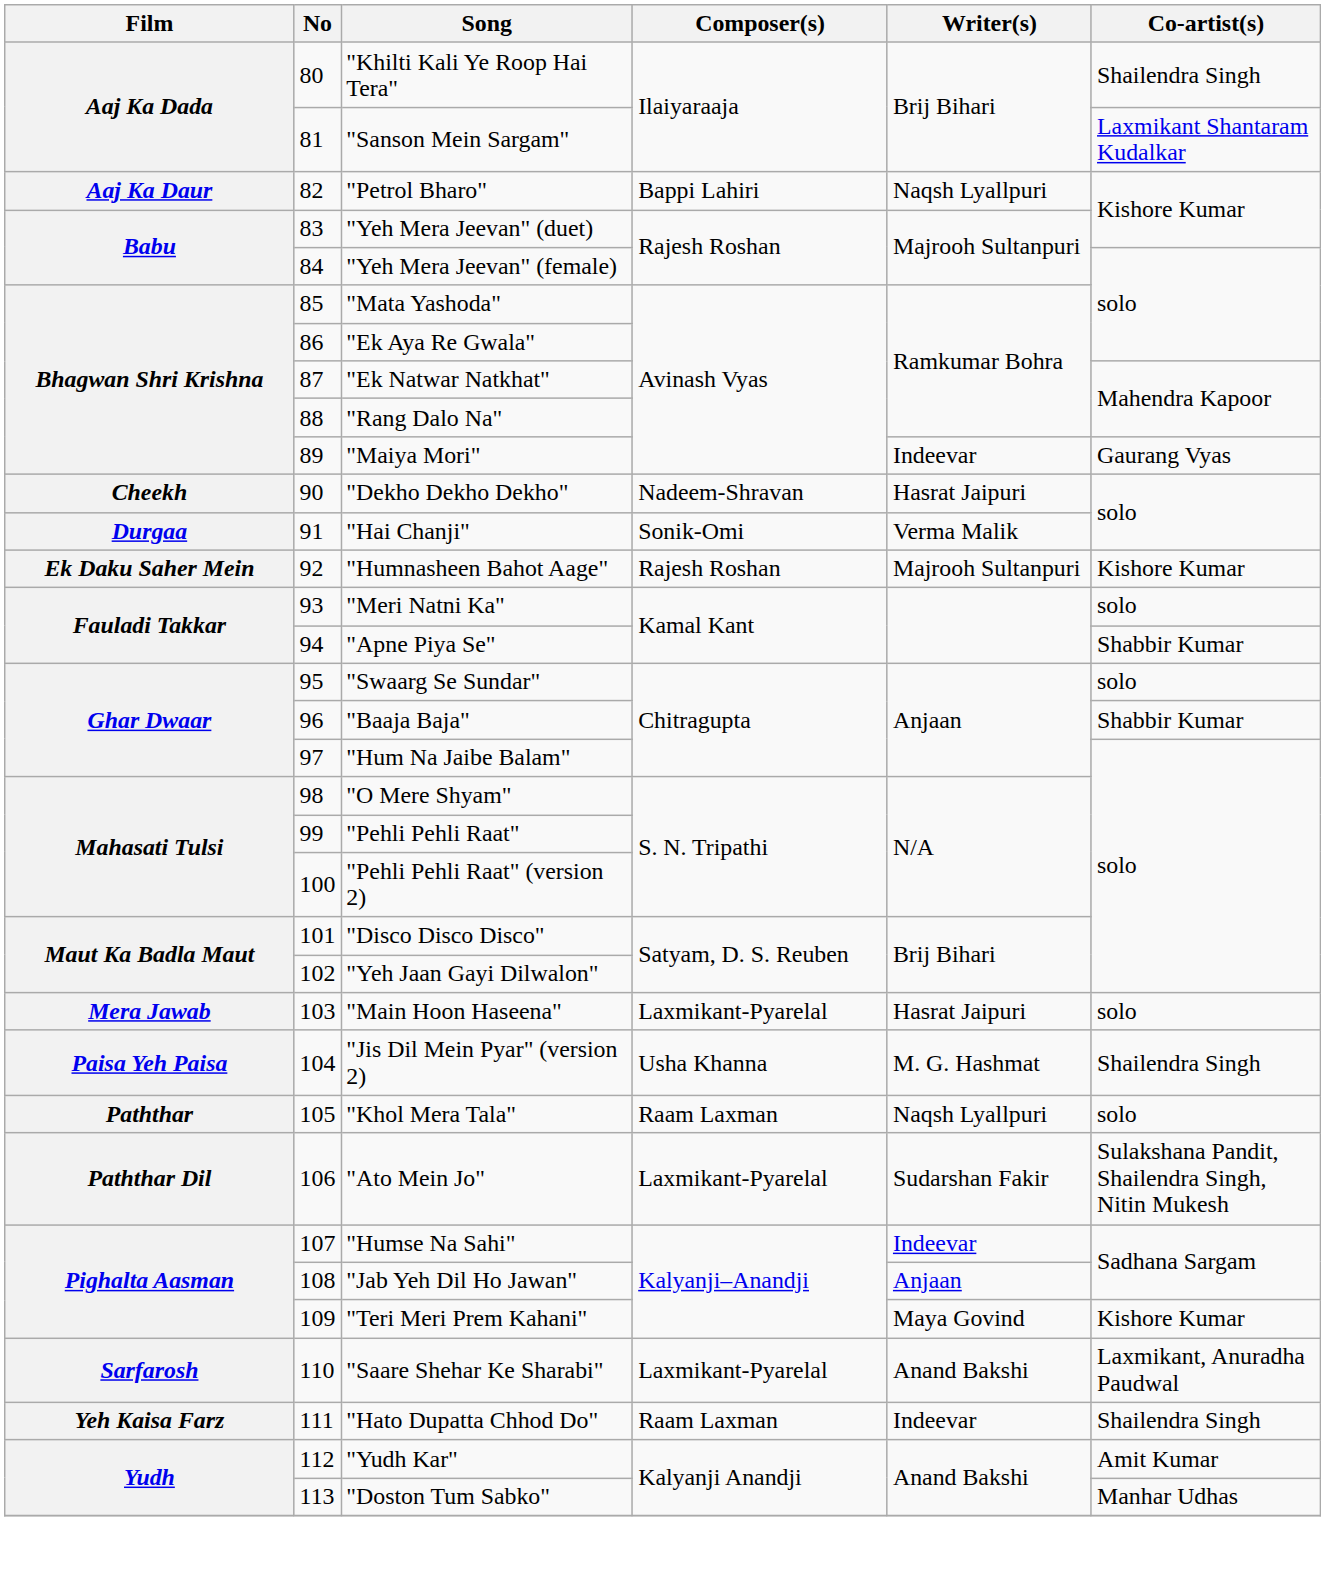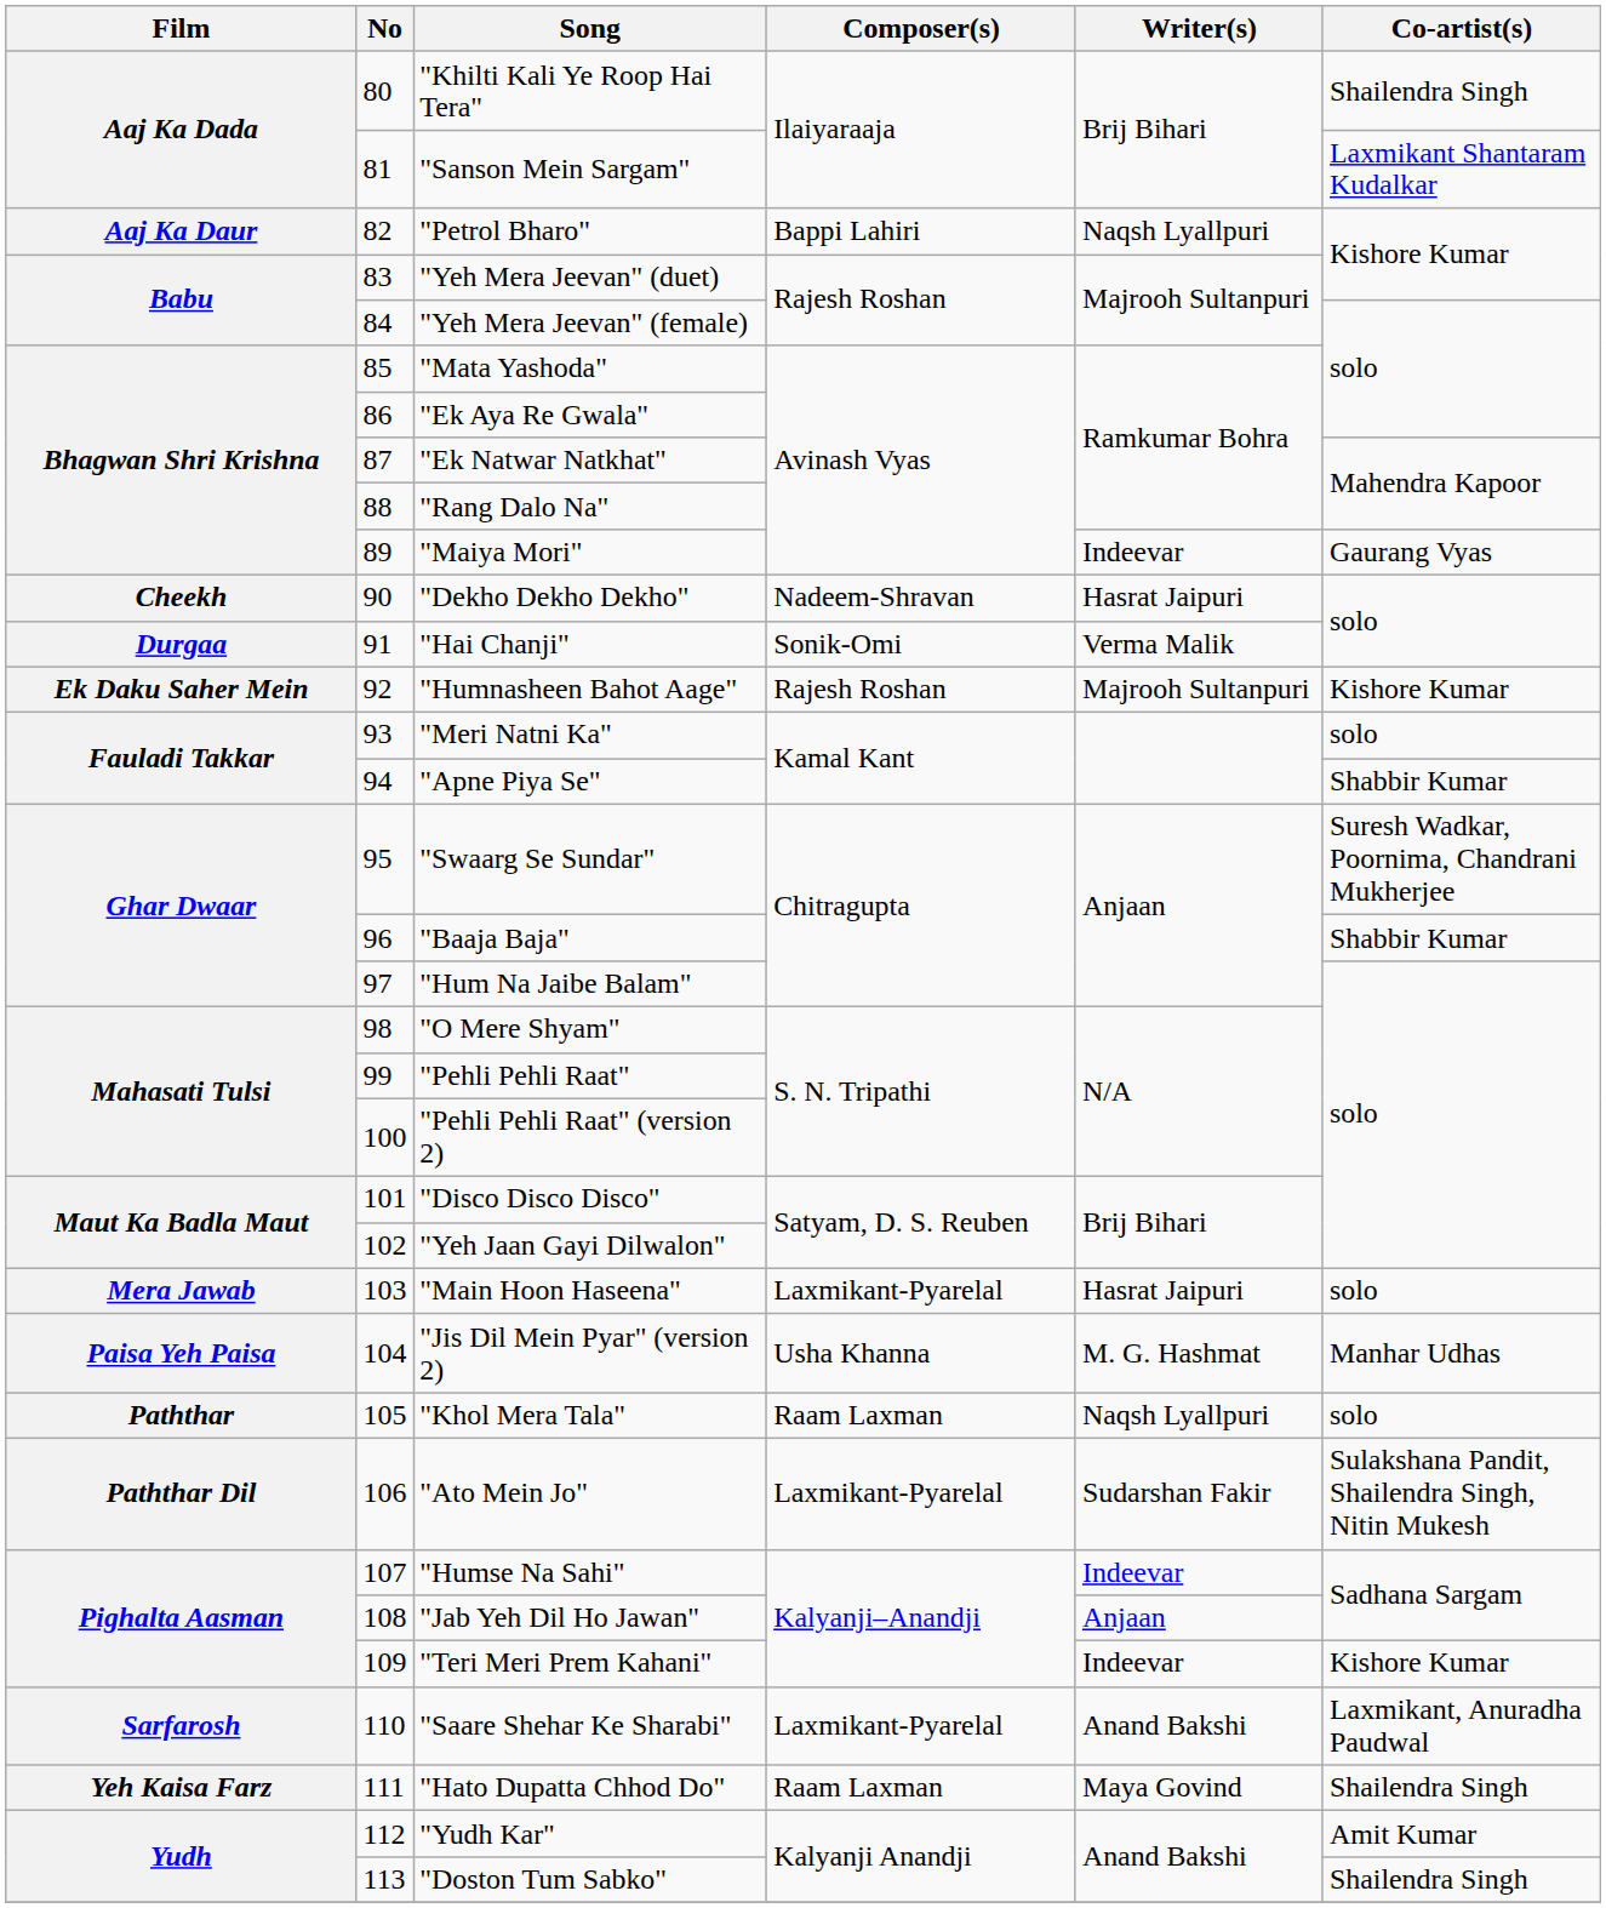 <table class="wikitable plainrowheaders" width="100%" textcolor:#000;">
 <tr style="background:#b0e0e66;">
 <th scope="col" width=23%><strong>Film</strong></th>
 <th><strong>No</strong></th>
 <th scope="col" width=23%><strong>Song</strong></th>
 <th scope="col" width=20%><strong>Composer(s)</strong></th>
 <th scope="col" width=16%><strong>Writer(s)</strong></th>
 <th scope="col" width=18%><strong>Co-artist(s)</strong></th>
 </tr>
 <tr>
 <th rowspan=2><em>Aaj Ka Dada</em></th>
 <td>80</td>
 <td>"Khilti Kali Ye Roop Hai Tera"</td>
 <td rowspan=2>Ilaiyaraaja</td>
 <td rowspan=2>Brij Bihari</td>
 <td>Shailendra Singh</td>
 </tr>
 <tr>
 <td>81</td>
 <td>"Sanson Mein Sargam"</td>
 <td><a href='#'>Laxmikant Shantaram Kudalkar</a></td>
 </tr>
 <tr>
 <th><em><a href='#'>Aaj Ka Daur</a></em></th>
 <td>82</td>
 <td>"Petrol Bharo"</td>
 <td>Bappi Lahiri</td>
 <td>Naqsh Lyallpuri</td>
 <td rowspan=2>Kishore Kumar</td>
 </tr>
 <tr>
 <th rowspan=2><em><a href='#'>Babu</a></em></th>
 <td>83</td>
 <td>"Yeh Mera Jeevan" (duet)</td>
 <td rowspan=2>Rajesh Roshan</td>
 <td rowspan=2>Majrooh Sultanpuri</td>
 </tr>
 <tr>
 <td>84</td>
 <td>"Yeh Mera Jeevan" (female)</td>
 <td rowspan=3>solo</td>
 </tr>
 <tr>
 <th rowspan=5><em>Bhagwan Shri Krishna</em></th>
 <td>85</td>
 <td>"Mata Yashoda"</td>
 <td rowspan=5>Avinash Vyas</td>
 <td rowspan=4>Ramkumar Bohra</td>
 </tr>
 <tr>
 <td>86</td>
 <td>"Ek Aya Re Gwala"</td>
 </tr>
 <tr>
 <td>87</td>
 <td>"Ek Natwar Natkhat"</td>
 <td rowspan=2>Mahendra Kapoor</td>
 </tr>
 <tr>
 <td>88</td>
 <td>"Rang Dalo Na"</td>
 </tr>
 <tr>
 <td>89</td>
 <td>"Maiya Mori"</td>
 <td>Indeevar</td>
 <td>Gaurang Vyas</td>
 </tr>
 <tr>
 <th><em>Cheekh</em></th>
 <td>90</td>
 <td>"Dekho Dekho Dekho"</td>
 <td>Nadeem-Shravan</td>
 <td>Hasrat Jaipuri</td>
 <td rowspan=2>solo</td>
 </tr>
 <tr>
 <th><em><a href='#'>Durgaa</a></em></th>
 <td>91</td>
 <td>"Hai Chanji"</td>
 <td>Sonik-Omi</td>
 <td>Verma Malik</td>
 </tr>
 <tr>
 <th><em>Ek Daku Saher Mein</em></th>
 <td>92</td>
 <td>"Humnasheen Bahot Aage"</td>
 <td>Rajesh Roshan</td>
 <td>Majrooh Sultanpuri</td>
 <td>Kishore Kumar</td>
 </tr>
 <tr>
 <th rowspan=2><em>Fauladi Takkar</em></th>
 <td>93</td>
 <td>"Meri Natni Ka"</td>
 <td rowspan=2>Kamal Kant</td>
 <td rowspan=2></td>
 <td>solo</td>
 </tr>
 <tr>
 <td>94</td>
 <td>"Apne Piya Se"</td>
 <td>Shabbir Kumar</td>
 </tr>
 <tr>
 <th rowspan=3><em><a href='#'>Ghar Dwaar</a></em></th>
 <td>95</td>
 <td>"Swaarg Se Sundar"</td>
 <td rowspan=3>Chitragupta</td>
 <td rowspan=3>Anjaan</td>
-<td>solo</td>
+<td>Suresh Wadkar, Poornima, Chandrani Mukherjee</td>
 </tr>
 <tr>
 <td>96</td>
 <td>"Baaja Baja"</td>
 <td>Shabbir Kumar</td>
 </tr>
 <tr>
 <td>97</td>
 <td>"Hum Na Jaibe Balam"</td>
 <td rowspan=6>solo</td>
 </tr>
 <tr>
 <th rowspan=3><em>Mahasati Tulsi</em></th>
 <td>98</td>
 <td>"O Mere Shyam"</td>
 <td rowspan=3>S. N. Tripathi</td>
 <td rowspan=3>N/A</td>
 </tr>
 <tr>
 <td>99</td>
 <td>"Pehli Pehli Raat"</td>
 </tr>
 <tr>
 <td>100</td>
 <td>"Pehli Pehli Raat" (version 2)</td>
 </tr>
 <tr>
 <th rowspan=2><em>Maut Ka Badla Maut</em></th>
 <td>101</td>
 <td>"Disco Disco Disco"</td>
 <td rowspan=2>Satyam, D. S. Reuben</td>
 <td rowspan=2>Brij Bihari</td>
 </tr>
 <tr>
 <td>102</td>
 <td>"Yeh Jaan Gayi Dilwalon"</td>
 </tr>
 <tr>
 <th><em><a href='#'>Mera Jawab</a></em></th>
 <td>103</td>
 <td>"Main Hoon Haseena"</td>
 <td>Laxmikant-Pyarelal</td>
 <td>Hasrat Jaipuri</td>
 <td>solo</td>
 </tr>
 <tr>
 <th><em><a href='#'>Paisa Yeh Paisa</a></em></th>
 <td>104</td>
 <td>"Jis Dil Mein Pyar" (version 2)</td>
 <td>Usha Khanna</td>
 <td>M. G. Hashmat</td>
-<td>Shailendra Singh</td>
+<td>Manhar Udhas</td>
 </tr>
 <tr>
 <th><em>Paththar</em></th>
 <td>105</td>
 <td>"Khol Mera Tala"</td>
 <td>Raam Laxman</td>
 <td>Naqsh Lyallpuri</td>
 <td>solo</td>
 </tr>
 <tr>
 <th><em>Paththar Dil</em></th>
 <td>106</td>
 <td>"Ato Mein Jo"</td>
 <td>Laxmikant-Pyarelal</td>
 <td>Sudarshan Fakir</td>
 <td>Sulakshana Pandit, Shailendra Singh, Nitin Mukesh</td>
 </tr>
 <tr>
 <th rowspan="3"><em><a href='#'>Pighalta Aasman</a></em></th>
 <td>107</td>
 <td>"Humse Na Sahi"</td>
 <td rowspan="3"><a href='#'>Kalyanji–Anandji</a></td>
 <td><a href='#'>Indeevar</a></td>
 <td rowspan=2>Sadhana Sargam</td>
 </tr>
 <tr>
 <td>108</td>
 <td>"Jab Yeh Dil Ho Jawan"</td>
 <td><a href='#'>Anjaan</a></td>
 </tr>
 <tr>
 <td>109</td>
 <td>"Teri Meri Prem Kahani"</td>
-<td>Maya Govind</td>
+<td>Indeevar</td>
 <td>Kishore Kumar</td>
 </tr>
 <tr>
 <th><em><a href='#'>Sarfarosh</a></em></th>
 <td>110</td>
 <td>"Saare Shehar Ke Sharabi"</td>
 <td>Laxmikant-Pyarelal</td>
 <td>Anand Bakshi</td>
 <td>Laxmikant, Anuradha Paudwal</td>
 </tr>
 <tr>
 <th><em>Yeh Kaisa Farz</em></th>
 <td>111</td>
 <td>"Hato Dupatta Chhod Do"</td>
 <td>Raam Laxman</td>
-<td>Indeevar</td>
+<td>Maya Govind</td>
 <td>Shailendra Singh</td>
 </tr>
 <tr>
 <th rowspan=2><em><a href='#'>Yudh</a></em></th>
 <td>112</td>
 <td>"Yudh Kar"</td>
 <td rowspan=2>Kalyanji Anandji</td>
 <td rowspan=2>Anand Bakshi</td>
 <td>Amit Kumar</td>
 </tr>
 <tr>
 <td>113</td>
 <td>"Doston Tum Sabko"</td>
-<td>Manhar Udhas</td>
+<td>Shailendra Singh</td>
 </tr>
 <tr>
 </tr>
 </table>
